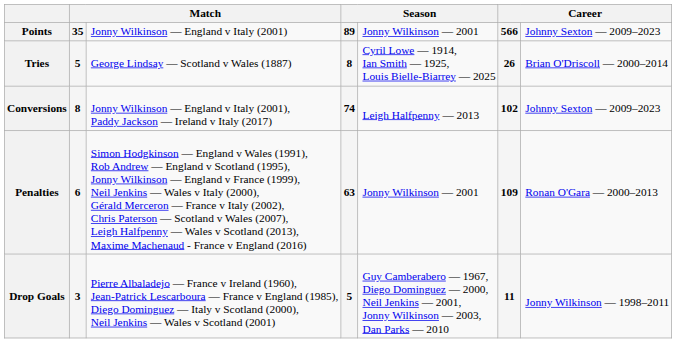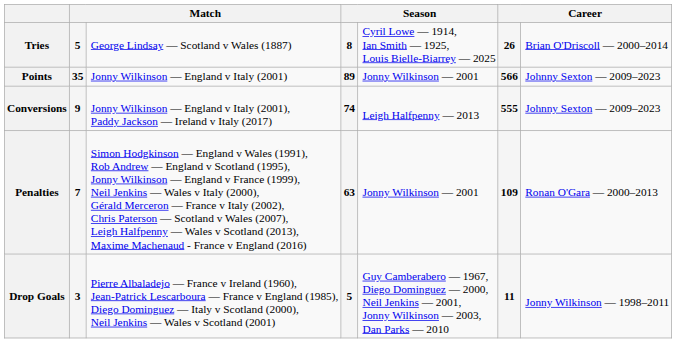 <table class="wikitable" style="font-size:97%;">
 <tr>
 <th></th>
 <th colspan=2>Match</th>
 <th colspan=2>Season</th>
 <th colspan=2>Career</th>
+</tr>
+<tr>
+<th>Tries</th>
+<td align="center" bgcolor="whitesmoke"><strong>5</strong></td>
+<td> <a href='#'>George Lindsay</a> — Scotland v Wales (1887)</td>
+<td align="center" bgcolor="whitesmoke"><strong>8</strong></td>
+<td> <a href='#'>Cyril Lowe</a> — 1914,<br> <a href='#'>Ian Smith</a> — 1925, <br>  <a href='#'>Louis Bielle-Biarrey</a> — 2025</td>
+<td align="center" bgcolor="whitesmoke"><strong>26</strong></td>
+<td> <a href='#'>Brian O'Driscoll</a> — 2000–2014</td>
 </tr>
 <tr>
 <th>Points</th>
 <td align="center" bgcolor="whitesmoke"><strong>35</strong></td>
 <td> <a href='#'>Jonny Wilkinson</a> — England v Italy (2001)</td>
 <td align="center" bgcolor="whitesmoke"><strong>89</strong></td>
 <td> <a href='#'>Jonny Wilkinson</a> — 2001</td>
 <td align="center" bgcolor="whitesmoke"><strong>566</strong></td>
 <td> <a href='#'>Johnny Sexton</a> — 2009–2023</td>
 </tr>
 <tr>
-<th>Tries</th>
-<td align="center" bgcolor="whitesmoke"><strong>5</strong></td>
-<td> <a href='#'>George Lindsay</a> — Scotland v Wales (1887)</td>
-<td align="center" bgcolor="whitesmoke"><strong>8</strong></td>
-<td> <a href='#'>Cyril Lowe</a> — 1914,<br> <a href='#'>Ian Smith</a> — 1925, <br>  <a href='#'>Louis Bielle-Biarrey</a> — 2025</td>
-<td align="center" bgcolor="whitesmoke"><strong>26</strong></td>
-<td> <a href='#'>Brian O'Driscoll</a> — 2000–2014</td>
-</tr>
-<tr>
 <th>Conversions</th>
-<td align="center" bgcolor="whitesmoke"><strong>8</strong></td>
+<td align="center" bgcolor="whitesmoke"><strong>9</strong></td>
 <td><br> <a href='#'>Jonny Wilkinson</a> — England v Italy (2001),<br>  <a href='#'>Paddy Jackson</a> — Ireland v Italy (2017) </td>
 <td align="center" bgcolor="whitesmoke"><strong>74</strong></td>
 <td><br> <a href='#'>Leigh Halfpenny</a> — 2013</td>
-<td align="center" bgcolor="whitesmoke"><strong>102</strong></td>
+<td align="center" bgcolor="whitesmoke"><strong>555</strong></td>
 <td> <a href='#'>Johnny Sexton</a> — 2009–2023</td>
 </tr>
 <tr>
 <th>Penalties</th>
-<td align="center" bgcolor="whitesmoke"><strong>6</strong></td>
+<td align="center" bgcolor="whitesmoke"><strong>7</strong></td>
 <td><br> <a href='#'>Simon Hodgkinson</a> — England v Wales (1991),<br>  <a href='#'>Rob Andrew</a> — England v Scotland (1995),<br>  <a href='#'>Jonny Wilkinson</a> — England v France (1999),<br>  <a href='#'>Neil Jenkins</a> — Wales v Italy (2000),<br>  <a href='#'>Gérald Merceron</a> — France v Italy (2002),<br>  <a href='#'>Chris Paterson</a> — Scotland v Wales (2007),<br>  <a href='#'>Leigh Halfpenny</a> — Wales v Scotland (2013),<br>  <a href='#'>Maxime Machenaud</a> - France v England (2016)</td>
 <td align="center" bgcolor="whitesmoke"><strong>63</strong></td>
 <td> <a href='#'>Jonny Wilkinson</a> — 2001</td>
 <td align="center" bgcolor="whitesmoke"><strong>109</strong></td>
 <td> <a href='#'>Ronan O'Gara</a> — 2000–2013</td>
 </tr>
 <tr>
 <th>Drop Goals</th>
 <td align="center" bgcolor="whitesmoke"><strong>3</strong></td>
 <td><br> <a href='#'>Pierre Albaladejo</a> — France v Ireland (1960),<br>  <a href='#'>Jean-Patrick Lescarboura</a> — France v England (1985),<br>  <a href='#'>Diego Dominguez</a> — Italy v Scotland (2000),<br>  <a href='#'>Neil Jenkins</a> — Wales v Scotland (2001)</td>
 <td align="center" bgcolor="whitesmoke"><strong>5</strong></td>
 <td><br> <a href='#'>Guy Camberabero</a> — 1967,<br>  <a href='#'>Diego Dominguez</a> — 2000,<br>  <a href='#'>Neil Jenkins</a> — 2001,<br>  <a href='#'>Jonny Wilkinson</a> — 2003,<br>  <a href='#'>Dan Parks</a> — 2010</td>
 <td align="center" bgcolor="whitesmoke"><strong>11</strong></td>
 <td><br> <a href='#'>Jonny Wilkinson</a> — 1998–2011</td>
 </tr>
 </table>
